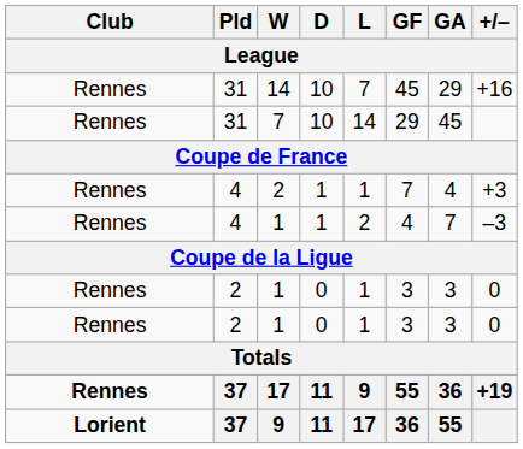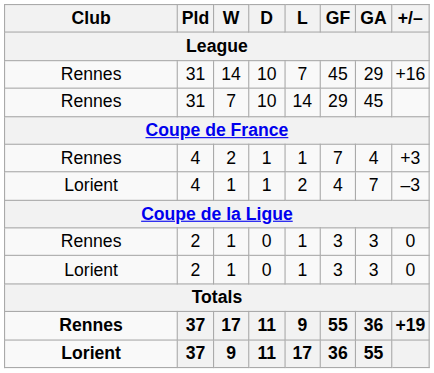 <table class="wikitable" style="text-align: center">
 <tr>
 <th style="width:150px;">Club</th>
 <th style="width:25px;">Pld</th>
 <th style="width:25px;">W</th>
 <th style="width:25px;">D</th>
 <th style="width:25px;">L</th>
 <th style="width:25px;">GF</th>
 <th style="width:25px;">GA</th>
 <th style="width:25px;">+/–</th>
 </tr>
 <tr>
 <th colspan="8">League</th>
 </tr>
 <tr>
 <td>Rennes</td>
 <td style="text-align:center;">31</td>
 <td style="text-align:center;">14</td>
 <td style="text-align:center;">10</td>
 <td style="text-align:center;">7</td>
 <td style="text-align:center;">45</td>
 <td style="text-align:center;">29</td>
 <td style="text-align:center;">+16</td>
 </tr>
 <tr>
 <td>Rennes</td>
 <td style="text-align:center;">31</td>
 <td style="text-align:center;">7</td>
 <td style="text-align:center;">10</td>
 <td style="text-align:center;">14</td>
 <td style="text-align:center;">29</td>
 <td style="text-align:center;">45</td>
 <td style="text-align:center;"></td>
 </tr>
 <tr>
 <th colspan="8"><a href='#'>Coupe de France</a></th>
 </tr>
 <tr>
 <td>Rennes</td>
 <td style="text-align:center;">4</td>
 <td style="text-align:center;">2</td>
 <td style="text-align:center;">1</td>
 <td style="text-align:center;">1</td>
 <td style="text-align:center;">7</td>
 <td style="text-align:center;">4</td>
 <td style="text-align:center;">+3</td>
 </tr>
 <tr>
-<td>Rennes</td>
+<td>Lorient</td>
 <td style="text-align:center;">4</td>
 <td style="text-align:center;">1</td>
 <td style="text-align:center;">1</td>
 <td style="text-align:center;">2</td>
 <td style="text-align:center;">4</td>
 <td style="text-align:center;">7</td>
 <td style="text-align:center;">–3</td>
 </tr>
 <tr>
 <th colspan="8"><a href='#'>Coupe de la Ligue</a></th>
 </tr>
 <tr>
 <td>Rennes</td>
 <td style="text-align:center;">2</td>
 <td style="text-align:center;">1</td>
 <td style="text-align:center;">0</td>
 <td style="text-align:center;">1</td>
 <td style="text-align:center;">3</td>
 <td style="text-align:center;">3</td>
 <td style="text-align:center;">0</td>
 </tr>
 <tr>
-<td>Rennes</td>
+<td>Lorient</td>
 <td style="text-align:center;">2</td>
 <td style="text-align:center;">1</td>
 <td style="text-align:center;">0</td>
 <td style="text-align:center;">1</td>
 <td style="text-align:center;">3</td>
 <td style="text-align:center;">3</td>
 <td style="text-align:center;">0</td>
 </tr>
 <tr>
 <th colspan="8">Totals</th>
 </tr>
 <tr>
 <td><strong>Rennes</strong></td>
 <th>37</th>
 <th>17</th>
 <th>11</th>
 <th>9</th>
 <th>55</th>
 <th>36</th>
 <th>+19</th>
 </tr>
 <tr>
 <td><strong>Lorient</strong></td>
 <th>37</th>
 <th>9</th>
 <th>11</th>
 <th>17</th>
 <th>36</th>
 <th>55</th>
 <th></th>
 </tr>
 </table>
